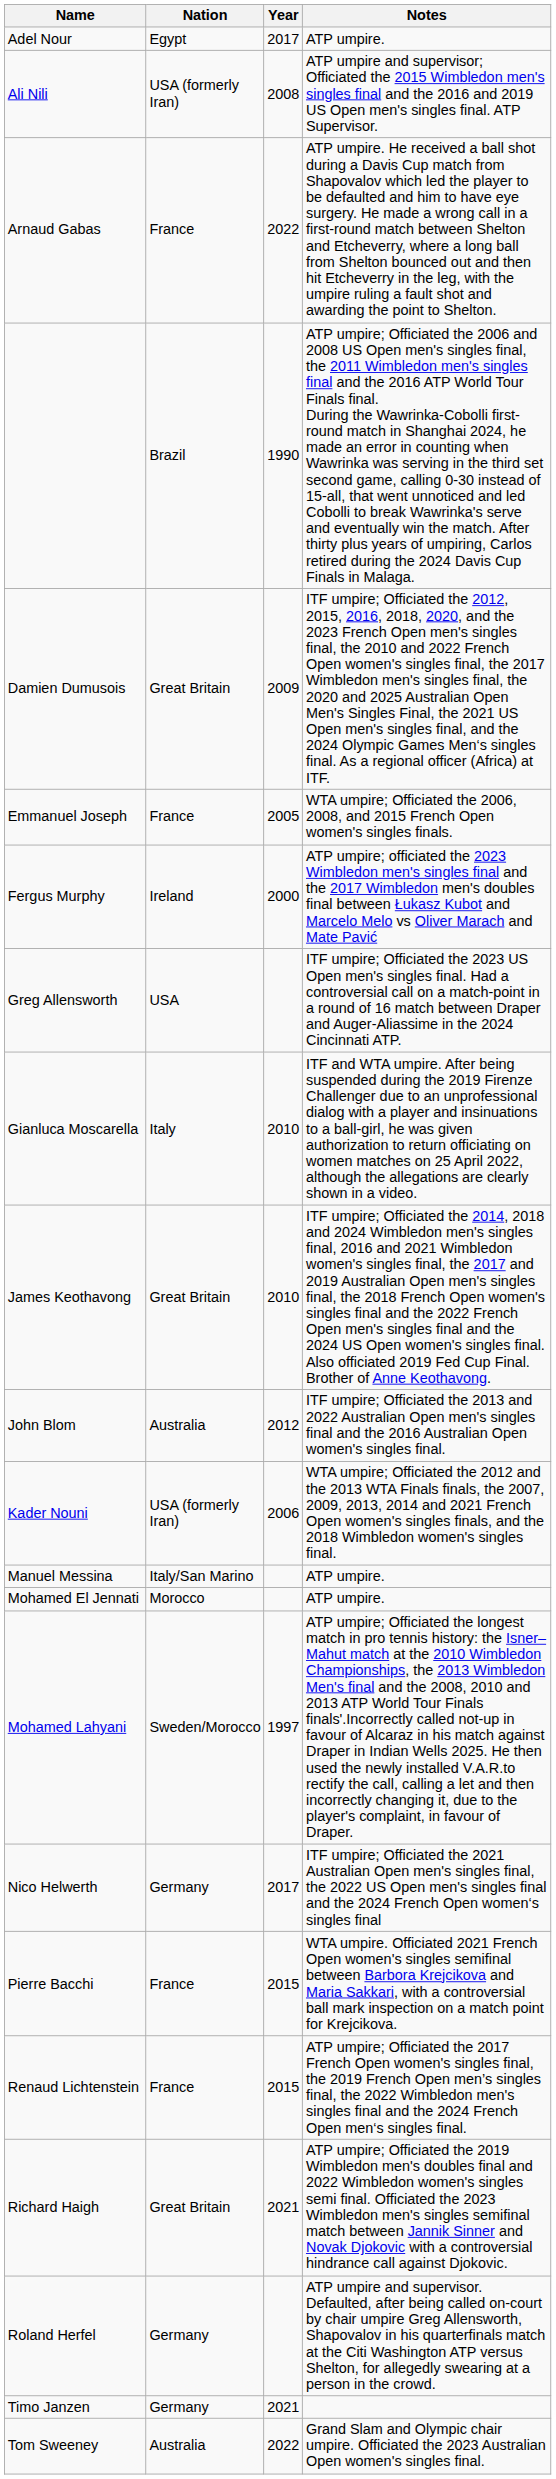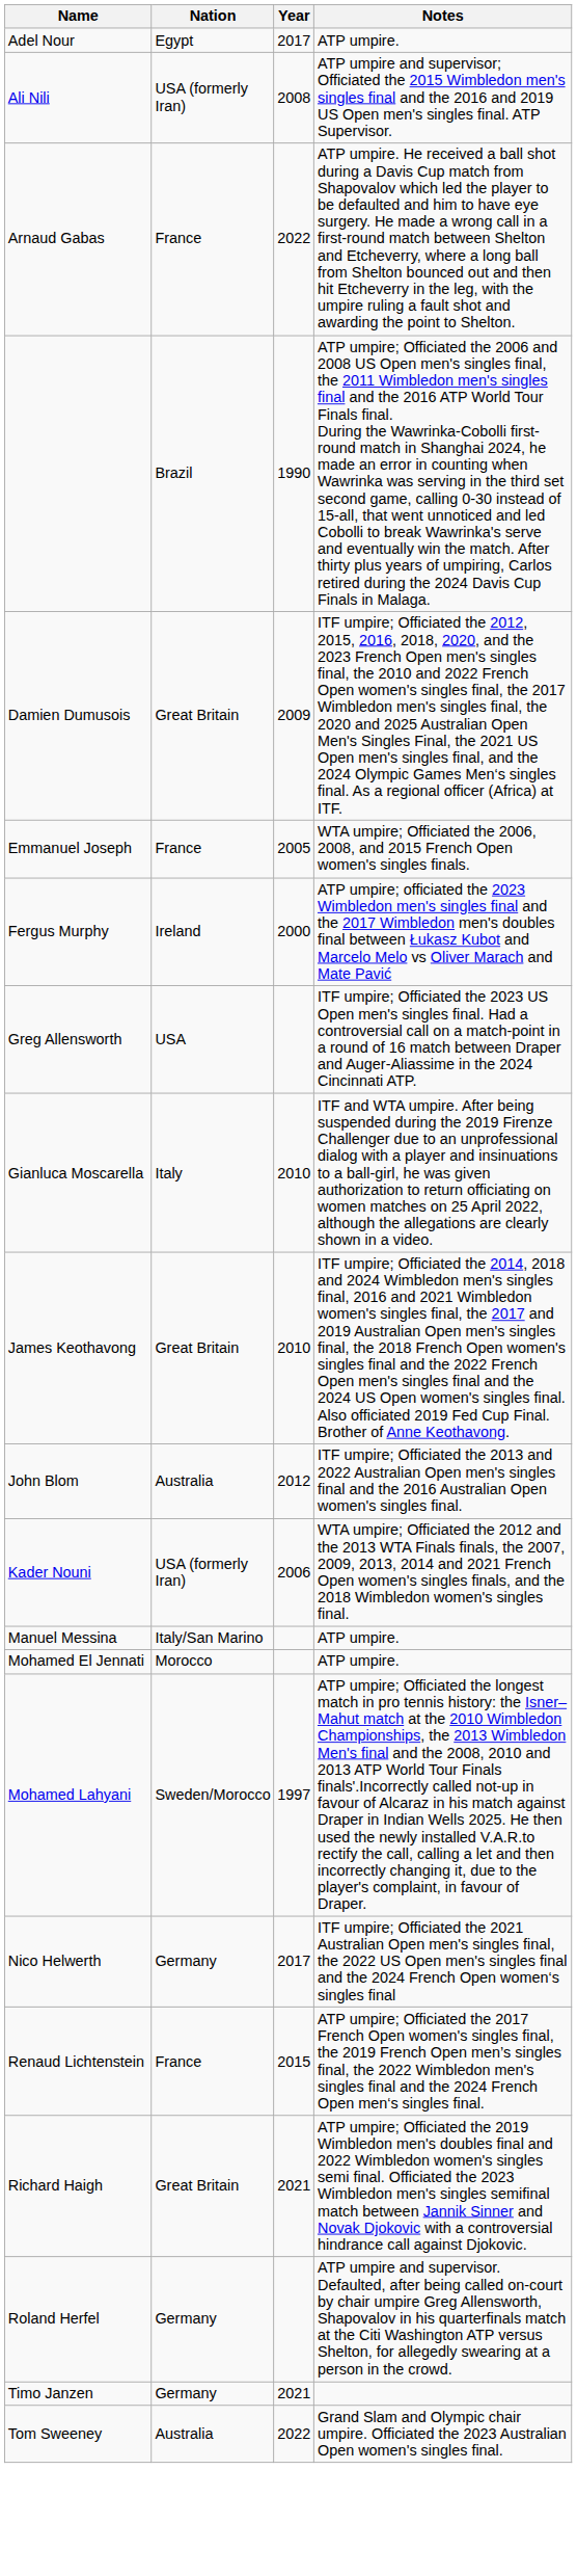 <table class="wikitable sortable">
 <tr>
 <th width=150>Name</th>
 <th width=80>Nation</th>
 <th>Year</th>
 <th class="unsortable">Notes</th>
 </tr>
 <tr>
 <td>Adel Nour</td>
 <td>Egypt</td>
 <td>2017</td>
 <td>ATP umpire.</td>
 </tr>
 <tr>
 <td><a href='#'>Ali Nili</a></td>
 <td>USA (formerly Iran)</td>
 <td>2008</td>
 <td>ATP umpire and supervisor; Officiated the <a href='#'>2015 Wimbledon men's singles final</a> and the 2016 and 2019 US Open men's singles final. ATP Supervisor.</td>
 </tr>
 <tr>
 <td>Arnaud Gabas</td>
 <td>France</td>
 <td>2022</td>
 <td>ATP umpire. He received a ball shot during a Davis Cup match from Shapovalov which led the player to be defaulted and him to have eye surgery. He made a wrong call in a first-round match between Shelton and Etcheverry, where a long ball from Shelton bounced out and then hit Etcheverry in the leg, with the umpire ruling a fault shot and awarding the point to Shelton.</td>
 </tr>
 <tr>
 <td></td>
 <td>Brazil</td>
 <td>1990</td>
 <td>ATP umpire; Officiated the 2006 and 2008 US Open men's singles final, the <a href='#'>2011 Wimbledon men's singles final</a> and the 2016 ATP World Tour Finals final.<br>During the Wawrinka-Cobolli first-round match in Shanghai 2024, he made an error in counting when Wawrinka was serving in the third set second game, calling 0-30 instead of 15-all, that went unnoticed and led Cobolli to break Wawrinka's serve and eventually win the match. After thirty plus years of umpiring, Carlos retired during the 2024 Davis Cup Finals in Malaga.</td>
 </tr>
 <tr>
 <td>Damien Dumusois</td>
 <td>Great Britain</td>
 <td>2009</td>
 <td>ITF umpire; Officiated the <a href='#'>2012</a>, 2015, <a href='#'>2016</a>, 2018, <a href='#'>2020</a>, and the 2023 French Open men's singles final, the 2010 and 2022 French Open women's singles final, the 2017 Wimbledon men's singles final, the 2020 and 2025 Australian Open Men's Singles Final, the 2021 US Open men's singles final, and the 2024 Olympic Games Men‘s singles final. As a regional officer (Africa) at ITF.</td>
 </tr>
 <tr>
 <td>Emmanuel Joseph</td>
 <td>France</td>
 <td>2005</td>
 <td>WTA umpire; Officiated the 2006, 2008, and 2015 French Open women's singles finals.</td>
 </tr>
 <tr>
 <td>Fergus Murphy</td>
 <td>Ireland</td>
 <td>2000</td>
 <td>ATP umpire; officiated the <a href='#'>2023 Wimbledon men's singles final</a> and the <a href='#'>2017 Wimbledon</a> men's doubles final between <a href='#'>Łukasz Kubot</a> and <a href='#'>Marcelo Melo</a> vs <a href='#'>Oliver Marach</a> and <a href='#'>Mate Pavić</a></td>
 </tr>
 <tr>
 <td>Greg Allensworth</td>
 <td>USA</td>
 <td></td>
 <td>ITF umpire; Officiated the 2023 US Open men's singles final. Had a controversial call on a match-point in a round of 16 match between Draper and Auger-Aliassime in the 2024 Cincinnati ATP.</td>
 </tr>
 <tr>
 <td>Gianluca Moscarella</td>
 <td>Italy</td>
 <td>2010</td>
 <td>ITF and WTA umpire. After being suspended during the 2019 Firenze Challenger due to an unprofessional dialog with a player and insinuations to a ball-girl, he was given authorization to return officiating on women matches on 25 April 2022, although the allegations are clearly shown in a video.</td>
 </tr>
 <tr>
 <td>James Keothavong</td>
 <td>Great Britain</td>
 <td>2010</td>
 <td>ITF umpire; Officiated the <a href='#'>2014</a>, 2018 and 2024 Wimbledon men's singles final, 2016 and 2021 Wimbledon women's singles final, the <a href='#'>2017</a> and 2019 Australian Open men's singles final, the 2018 French Open women's singles final and the 2022 French Open men's singles final and the 2024 US Open women's singles final. Also officiated 2019 Fed Cup Final. Brother of <a href='#'>Anne Keothavong</a>.</td>
 </tr>
 <tr>
 <td>John Blom</td>
 <td>Australia</td>
 <td>2012</td>
 <td>ITF umpire; Officiated the 2013 and 2022 Australian Open men's singles final and the 2016 Australian Open women's singles final.</td>
 </tr>
 <tr>
 <td><a href='#'>Kader Nouni</a></td>
 <td>USA (formerly Iran)</td>
 <td>2006</td>
 <td>WTA umpire; Officiated the 2012 and the 2013 WTA Finals finals, the 2007, 2009, 2013, 2014 and 2021 French Open women's singles finals, and the 2018 Wimbledon women's singles final.</td>
 </tr>
 <tr>
 <td>Manuel Messina</td>
 <td>Italy/San Marino</td>
 <td></td>
 <td>ATP umpire.</td>
 </tr>
 <tr>
 <td>Mohamed El Jennati</td>
 <td>Morocco</td>
 <td></td>
 <td>ATP umpire.</td>
 </tr>
 <tr>
 <td><a href='#'>Mohamed Lahyani</a></td>
 <td>Sweden/Morocco</td>
 <td>1997</td>
 <td>ATP umpire; Officiated the longest match in pro tennis history: the <a href='#'>Isner–Mahut match</a> at the <a href='#'>2010 Wimbledon Championships</a>, the <a href='#'>2013 Wimbledon Men's final</a> and the 2008, 2010 and 2013 ATP World Tour Finals finals'.Incorrectly called not-up in favour of Alcaraz in his match against Draper in Indian Wells 2025. He then used the newly installed V.A.R.to rectify the call, calling a let and then incorrectly changing it, due to the player's complaint, in favour of Draper.</td>
 </tr>
 <tr>
 <td>Nico Helwerth</td>
 <td>Germany</td>
 <td>2017</td>
 <td>ITF umpire; Officiated the 2021 Australian Open men's singles final, the 2022 US Open men's singles final and the 2024 French Open women‘s singles final</td>
 </tr>
 <tr>
-<td>Pierre Bacchi</td>
-<td>France</td>
-<td>2015</td>
-<td>WTA umpire. Officiated 2021 French Open women's singles semifinal between <a href='#'>Barbora Krejcikova</a> and <a href='#'>Maria Sakkari</a>, with a controversial ball mark inspection on a match point for Krejcikova.</td>
-</tr>
-<tr>
 <td>Renaud Lichtenstein</td>
 <td>France</td>
 <td>2015</td>
 <td>ATP umpire; Officiated the 2017 French Open women's singles final, the 2019 French Open men’s singles final, the 2022 Wimbledon men's singles final  and the 2024 French Open men‘s singles final.</td>
 </tr>
 <tr>
 <td>Richard Haigh</td>
 <td>Great Britain</td>
 <td>2021</td>
 <td>ATP umpire; Officiated the 2019 Wimbledon men's doubles final and 2022 Wimbledon women's singles semi final. Officiated the 2023 Wimbledon men's singles semifinal match between <a href='#'>Jannik Sinner</a> and <a href='#'>Novak Djokovic</a> with a controversial hindrance call against Djokovic.</td>
 </tr>
 <tr>
 <td>Roland Herfel</td>
 <td>Germany</td>
 <td></td>
 <td>ATP umpire and supervisor. Defaulted, after being called on-court by chair umpire Greg Allensworth, Shapovalov in his quarterfinals match at the Citi Washington ATP versus Shelton, for allegedly swearing at a person in the crowd. </td>
 </tr>
 <tr>
 <td>Timo Janzen</td>
 <td>Germany</td>
 <td>2021</td>
 <td></td>
 </tr>
 <tr>
 <td>Tom Sweeney</td>
 <td>Australia</td>
 <td>2022</td>
 <td>Grand Slam and Olympic chair umpire.  Officiated the 2023 Australian Open women's singles final.</td>
 </tr>
 </table>
